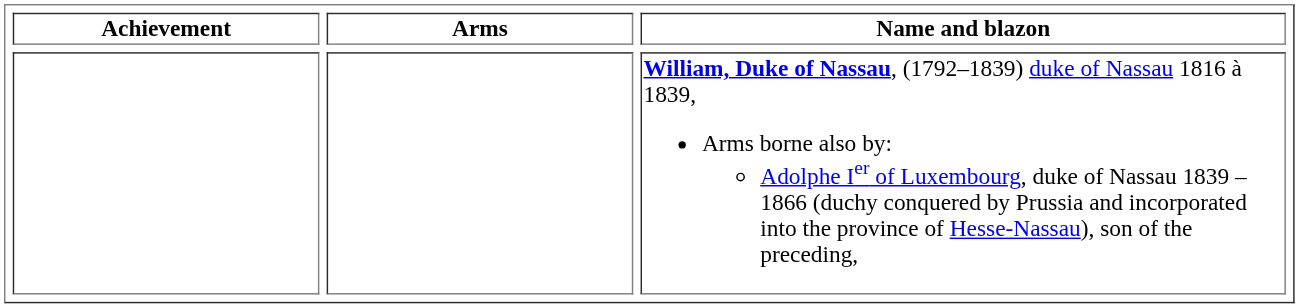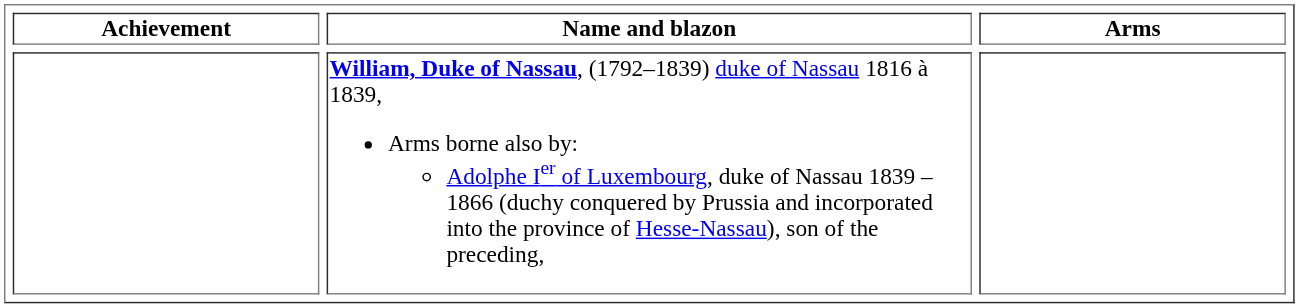 <table border=1 cellspacing=5 width="100%">
 <tr valign=top align=center>
 <td width="206"><strong>Achievement</strong></td>
+<td><strong>Name and blazon</strong></td>
 <td width="206"><strong>Arms</strong></td>
-<td><strong>Name and blazon</strong></td>
 </tr>
 <tr valign=top>
 <td align=center><br><br></td>
+<td><strong><a href='#'>William, Duke of Nassau</a></strong>, (1792–1839) <a href='#'>duke of Nassau</a> 1816 à 1839,<br><ul><li>Arms borne also by:<ul><li><a href='#'>Adolphe I<sup>er</sup> of Luxembourg</a>, duke of Nassau 1839 – 1866 (duchy conquered by Prussia and incorporated into the province of <a href='#'>Hesse-Nassau</a>), son of the preceding,</li></ul></li></ul></td>
 <td align=center><br><br><br><br><br><br> </td>
-<td><strong><a href='#'>William, Duke of Nassau</a></strong>, (1792–1839) <a href='#'>duke of Nassau</a> 1816 à 1839,<br><ul><li>Arms borne also by:<ul><li><a href='#'>Adolphe I<sup>er</sup> of Luxembourg</a>, duke of Nassau 1839 – 1866 (duchy conquered by Prussia and incorporated into the province of <a href='#'>Hesse-Nassau</a>), son of the preceding,</li></ul></li></ul></td>
 </tr>
 </table>
